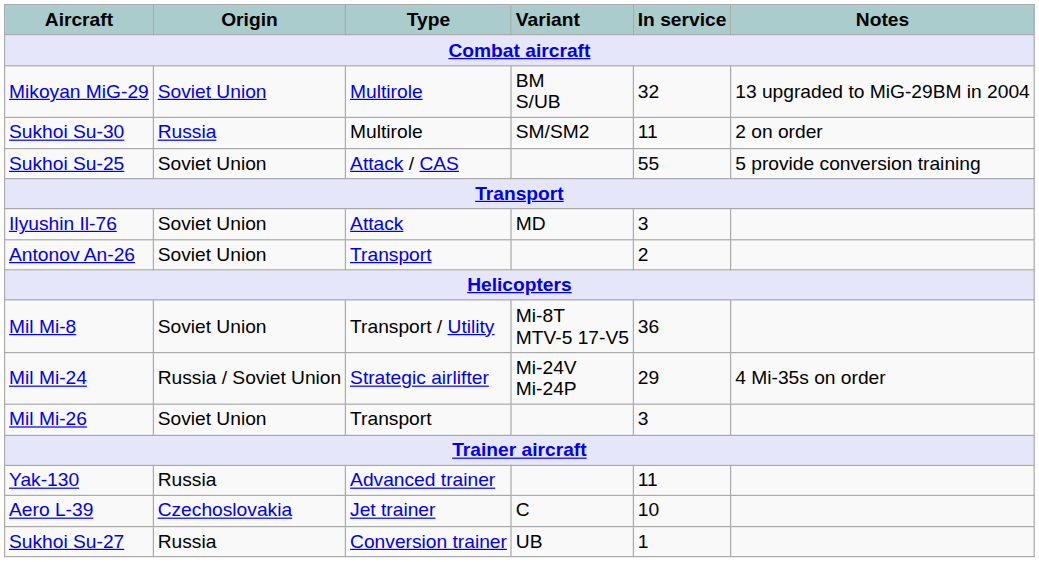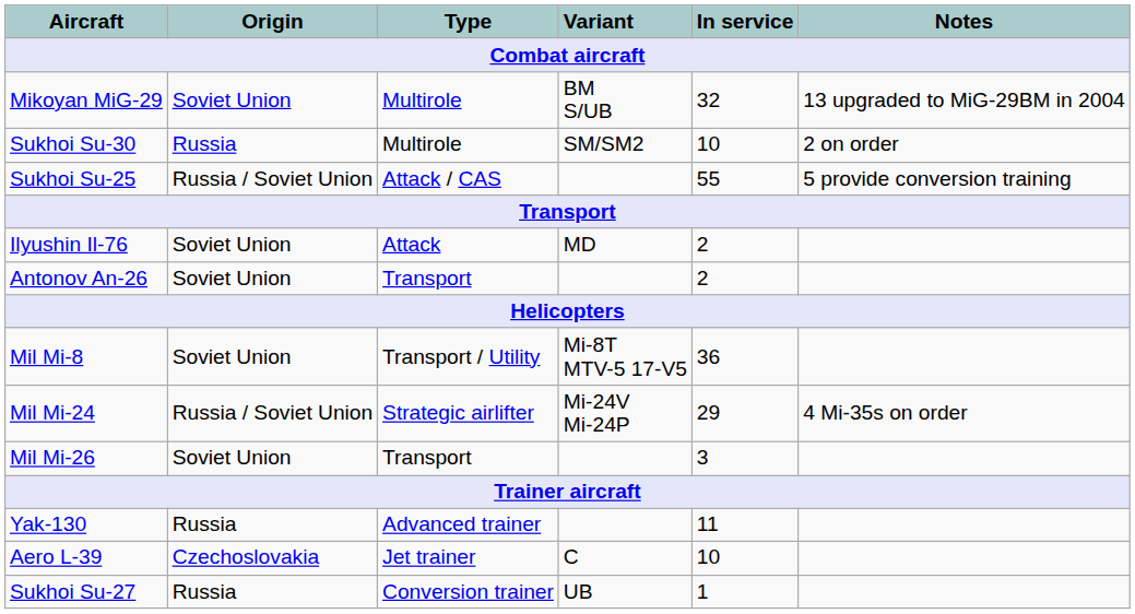 <table class="wikitable">
 <tr>
 <th style="text-align:center; background:#acc;">Aircraft</th>
 <th style="text-align: center; background:#acc;">Origin</th>
 <th style="text-align:l center; background:#acc;">Type</th>
 <th style="text-align:left; background:#acc;">Variant</th>
 <th style="text-align:center; background:#acc;">In service</th>
 <th style="text-align: center; background:#acc;">Notes</th>
 </tr>
 <tr>
 <th style="align: center; background: lavender;" colspan="7"><a href='#'>Combat aircraft</a></th>
 </tr>
 <tr>
 <td><a href='#'>Mikoyan MiG-29</a></td>
 <td><a href='#'>Soviet Union</a></td>
 <td><a href='#'>Multirole</a></td>
 <td>BM<br>S/UB</td>
 <td>32</td>
 <td>13 upgraded to MiG-29BM in 2004</td>
 </tr>
 <tr>
 <td><a href='#'>Sukhoi Su-30</a></td>
 <td><a href='#'>Russia</a></td>
 <td>Multirole</td>
 <td>SM/SM2</td>
-<td>11</td>
+<td>10</td>
 <td>2 on order</td>
 </tr>
 <tr>
 <td><a href='#'>Sukhoi Su-25</a></td>
-<td>Soviet Union</td>
+<td>Russia / Soviet Union</td>
 <td><a href='#'>Attack</a> / <a href='#'>CAS</a></td>
 <td></td>
 <td>55</td>
 <td>5 provide conversion training</td>
 </tr>
 <tr>
 <th style="align: center; background: lavender;" colspan="7"><a href='#'>Transport</a></th>
 </tr>
 <tr>
 <td><a href='#'>Ilyushin Il-76</a></td>
 <td>Soviet Union</td>
 <td><a href='#'>Attack</a></td>
 <td>MD</td>
-<td>3</td>
+<td>2</td>
 <td></td>
 </tr>
 <tr>
 <td><a href='#'>Antonov An-26</a></td>
 <td>Soviet Union</td>
 <td><a href='#'>Transport</a></td>
 <td></td>
 <td>2</td>
 <td></td>
 </tr>
 <tr>
 <th style="align: center; background: lavender;" colspan="7"><a href='#'>Helicopters</a></th>
 </tr>
 <tr>
 <td><a href='#'>Mil Mi-8</a></td>
 <td>Soviet Union</td>
 <td>Transport / <a href='#'>Utility</a></td>
 <td>Mi-8T<br>MTV-5 17-V5</td>
 <td>36</td>
 <td></td>
 </tr>
 <tr>
 <td><a href='#'>Mil Mi-24</a></td>
 <td>Russia / Soviet Union</td>
 <td><a href='#'>Strategic airlifter</a></td>
 <td>Mi-24V<br>Mi-24P</td>
 <td>29</td>
 <td>4 Mi-35s on order</td>
 </tr>
 <tr>
 <td><a href='#'>Mil Mi-26</a></td>
 <td>Soviet Union</td>
 <td>Transport</td>
 <td></td>
 <td>3</td>
 <td></td>
 </tr>
 <tr>
 <th style="align: center; background: lavender;" colspan="7"><a href='#'>Trainer aircraft</a></th>
 </tr>
 <tr>
 <td><a href='#'>Yak-130</a></td>
 <td>Russia</td>
 <td><a href='#'>Advanced trainer</a></td>
 <td></td>
 <td>11</td>
 <td></td>
 </tr>
 <tr>
 <td><a href='#'> Aero L-39</a></td>
 <td><a href='#'>Czechoslovakia</a></td>
 <td><a href='#'>Jet trainer</a></td>
 <td>C</td>
 <td>10</td>
 <td></td>
 </tr>
 <tr>
 <td><a href='#'>Sukhoi Su-27</a></td>
 <td>Russia</td>
 <td><a href='#'>Conversion trainer</a></td>
 <td>UB</td>
 <td>1</td>
 <td></td>
 </tr>
 </table>
